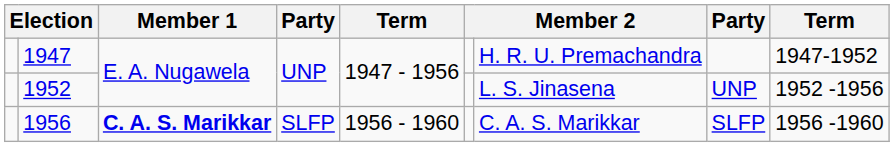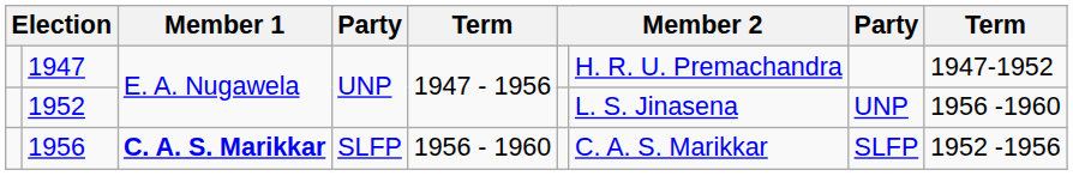 <table class="wikitable">
 <tr>
 <th colspan="2">Election</th>
 <th>Member 1</th>
 <th>Party</th>
 <th>Term</th>
 <th colspan="2">Member 2</th>
 <th>Party</th>
 <th>Term</th>
 </tr>
 <tr>
 <td style="background-color: "></td>
 <td><a href='#'>1947</a></td>
 <td rowspan= 2><a href='#'>E. A. Nugawela</a></td>
 <td rowspan= 2><a href='#'>UNP</a></td>
 <td rowspan= 2>1947 - 1956</td>
 <td style="background-color: "></td>
 <td><a href='#'>H. R. U. Premachandra</a></td>
 <td></td>
 <td>1947-1952</td>
 </tr>
 <tr>
 <td style="background-color: "></td>
 <td><a href='#'>1952</a></td>
 <td style="background-color: "></td>
 <td><a href='#'>L. S. Jinasena</a></td>
 <td><a href='#'>UNP</a></td>
-<td>1952 -1956</td>
+<td>1956 -1960</td>
 </tr>
 <tr>
 <td style="background-color: "></td>
 <td><a href='#'>1956</a></td>
 <td><strong><a href='#'>C. A. S. Marikkar</a></strong></td>
 <td><a href='#'>SLFP</a></td>
 <td>1956 - 1960</td>
 <td style="background-color: "></td>
 <td><a href='#'>C. A. S. Marikkar</a></td>
 <td><a href='#'>SLFP</a></td>
-<td>1956 -1960</td>
+<td>1952 -1956</td>
 </tr>
 </table>
